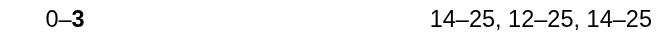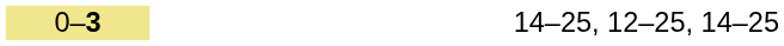 <table>
 <tr>
 <th width=200></th>
 <th width=80></th>
 <th width=200></th>
 <th width=220></th>
 </tr>
 <tr>
 <td align=right></td>
-<td align=center>0–<strong>3</strong></td>
+<td align=center style="background: khaki;">0–<strong>3</strong></td>
 <td><strong></strong></td>
 <td>14–25, 12–25, 14–25</td>
 </tr>
 </table>
